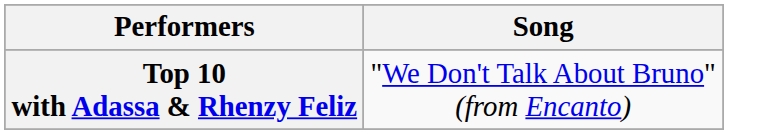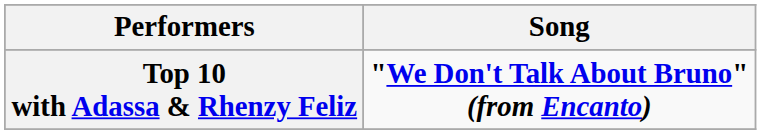 <table class="wikitable unsortable" style="text-align:center;">
 <tr>
 <th scope="col">Performers</th>
 <th scope="col">Song</th>
 </tr>
 <tr>
 <th scope="row">Top 10<br>with <a href='#'>Adassa</a> & <a href='#'>Rhenzy Feliz</a></th>
-<td>"<a href='#'>We Don't Talk About Bruno</a>"<br><em>(from <a href='#'>Encanto</a>)</em></td>
+<td><strong>"<a href='#'>We Don't Talk About Bruno</a>"<br><em>(from <a href='#'>Encanto</a>)</em></strong></td>
 </tr>
 </table>
